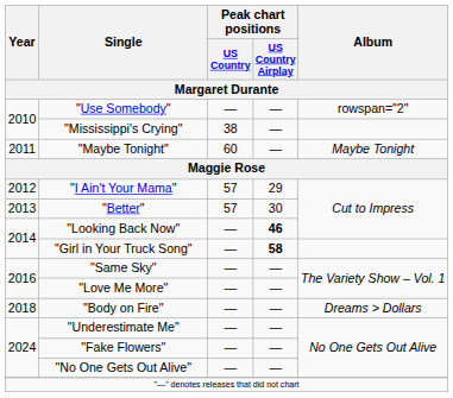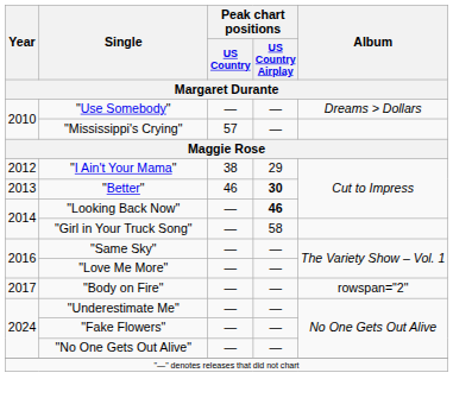 <table class="wikitable plainrowheaders" style="text-align:center;">
 <tr>
 <th rowspan="2">Year</th>
 <th rowspan="2" style="width:13em;">Single</th>
 <th colspan="2">Peak chart<br>positions</th>
 <th rowspan="2">Album</th>
 </tr>
 <tr style="font-size:smaller;">
 <th style="width:45px;"><a href='#'>US Country</a><br></th>
 <th style="width:45px;"><a href='#'>US Country Airplay</a><br></th>
 </tr>
 <tr>
 <th colspan="5">Margaret Durante</th>
 </tr>
 <tr>
 <td rowspan="2">2010</td>
 <td scope="row">"<a href='#'>Use Somebody</a>"</td>
 <td>—</td>
 <td>—</td>
-<td>rowspan="2" </td>
+<td><em>Dreams > Dollars</em></td>
 </tr>
 <tr>
 <td scope="row">"Mississippi's Crying"</td>
-<td>38</td>
+<td>57</td>
 <td>—</td>
-</tr>
-<tr>
-<td>2011</td>
-<td scope="row">"Maybe Tonight"</td>
-<td>60</td>
-<td>—</td>
-<td><em>Maybe Tonight</em></td>
 </tr>
 <tr>
 <th colspan="5">Maggie Rose</th>
 </tr>
 <tr>
 <td>2012</td>
 <td scope="row">"<a href='#'>I Ain't Your Mama</a>"</td>
-<td>57</td>
+<td>38</td>
 <td>29</td>
 <td rowspan="3"><em>Cut to Impress</em></td>
 </tr>
 <tr>
 <td>2013</td>
 <td scope="row">"<a href='#'>Better</a>"</td>
-<td>57</td>
-<td>30</td>
+<td>46</td>
+<td><strong>30</strong></td>
 </tr>
 <tr>
 <td rowspan="2">2014</td>
 <td scope="row">"Looking Back Now"</td>
 <td>—</td>
 <td><strong>46</strong></td>
 </tr>
 <tr>
 <td scope="row">"Girl in Your Truck Song"</td>
 <td>—</td>
-<td><strong>58</strong></td>
+<td>58</td>
 <td></td>
 </tr>
 <tr>
 <td rowspan="2">2016</td>
 <td scope="row">"Same Sky"</td>
 <td>—</td>
 <td>—</td>
 <td rowspan="2"><em>The Variety Show – Vol. 1</em></td>
 </tr>
 <tr>
 <td scope="row">"Love Me More"</td>
 <td>—</td>
 <td>—</td>
 </tr>
 <tr>
-<td>2018</td>
+<td>2017</td>
 <td scope="row">"Body on Fire"</td>
 <td>—</td>
 <td>—</td>
-<td><em>Dreams > Dollars</em></td>
+<td>rowspan="2" </td>
 </tr>
 <tr>
 <td rowspan="3">2024</td>
 <td scope="row">"Underestimate Me"</td>
 <td>—</td>
 <td>—</td>
 <td rowspan="3"><em>No One Gets Out Alive</em></td>
 </tr>
 <tr>
 <td scope="row">"Fake Flowers"</td>
 <td>—</td>
 <td>—</td>
 </tr>
 <tr>
 <td scope="row">"No One Gets Out Alive"</td>
 <td>—</td>
 <td>—</td>
 </tr>
 <tr>
 </tr>
 <tr>
 <td colspan="5" style="font-size:8pt">"—" denotes releases that did not chart</td>
 </tr>
 </table>
